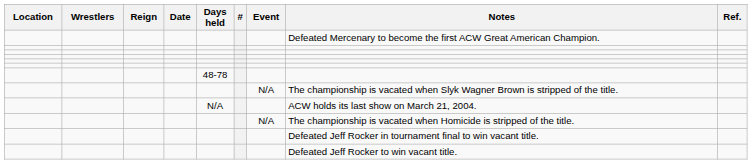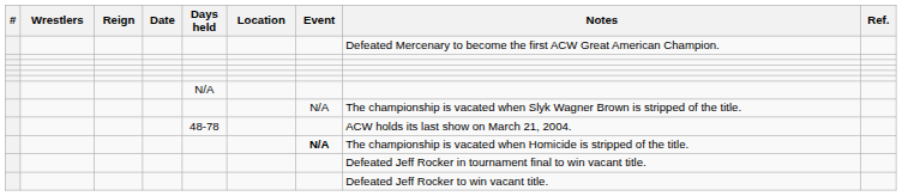 <table class="wikitable sortable" width=98% style="text-align:center;">
 <tr>
-<th>Location</th>
+<th>#</th>
 <th>Wrestlers</th>
 <th>Reign</th>
 <th>Date</th>
 <th>Days<br>held</th>
-<th>#</th>
+<th>Location</th>
 <th>Event</th>
 <th>Notes</th>
 <th>Ref.</th>
 </tr>
 <tr>
+<th></th>
 <td></td>
 <td></td>
 <td></td>
 <td></td>
 <td></td>
-<th></th>
 <td></td>
 <td align="left">Defeated Mercenary to become the first ACW Great American Champion.</td>
 <td align="left"></td>
 </tr>
 <tr>
+<th></th>
 <td></td>
 <td></td>
 <td></td>
 <td></td>
 <td></td>
-<th></th>
 <td></td>
 <td align="left"></td>
 <td align="left"></td>
 </tr>
 <tr>
+<th></th>
 <td></td>
 <td></td>
 <td></td>
 <td></td>
 <td></td>
-<th></th>
 <td></td>
 <td align="left"></td>
 <td align="left"></td>
 </tr>
 <tr>
+<th></th>
 <td></td>
 <td></td>
 <td></td>
 <td></td>
 <td></td>
-<th></th>
 <td></td>
 <td align="left"></td>
 <td align="left"></td>
 </tr>
 <tr>
+<th></th>
 <td></td>
 <td></td>
 <td></td>
 <td></td>
 <td></td>
-<th></th>
 <td></td>
 <td align="left"></td>
 <td align="left"></td>
 </tr>
 <tr>
+<th></th>
 <td></td>
 <td></td>
 <td></td>
 <td></td>
 <td></td>
-<th></th>
 <td></td>
 <td align="left"></td>
 <td align="left"></td>
 </tr>
 <tr>
+<th></th>
 <td></td>
 <td></td>
 <td></td>
+<td>N/A</td>
 <td></td>
-<td>48-78</td>
-<th></th>
 <td></td>
 <td align="left"></td>
 <td align="left"></td>
 </tr>
 <tr>
+<th></th>
 <td></td>
 <td></td>
 <td></td>
 <td></td>
 <td></td>
-<th></th>
 <td>N/A</td>
 <td align="left">The championship is vacated when Slyk Wagner Brown is stripped of the title.</td>
 <td align="left"></td>
 </tr>
 <tr>
+<th></th>
 <td></td>
 <td></td>
 <td></td>
+<td>48-78</td>
 <td></td>
-<td>N/A</td>
-<th></th>
 <td></td>
 <td align="left">ACW holds its last show on March 21, 2004.</td>
 <td align="left"></td>
 </tr>
 <tr>
+<th></th>
 <td></td>
 <td></td>
 <td></td>
 <td></td>
 <td></td>
-<th></th>
-<td>N/A</td>
+<td><strong>N/A</strong></td>
 <td align="left">The championship is vacated when Homicide is stripped of the title.</td>
 <td align="left"></td>
 </tr>
 <tr>
+<th></th>
 <td></td>
 <td></td>
 <td></td>
 <td></td>
 <td></td>
-<th></th>
 <td></td>
 <td align="left">Defeated Jeff Rocker in tournament final to win vacant title.</td>
 <td align="left"></td>
 </tr>
 <tr>
+<th></th>
 <td></td>
 <td></td>
 <td></td>
 <td></td>
 <td></td>
-<th></th>
 <td></td>
 <td align="left">Defeated Jeff Rocker to win vacant title.</td>
 <td align="left"></td>
 </tr>
 </table>
